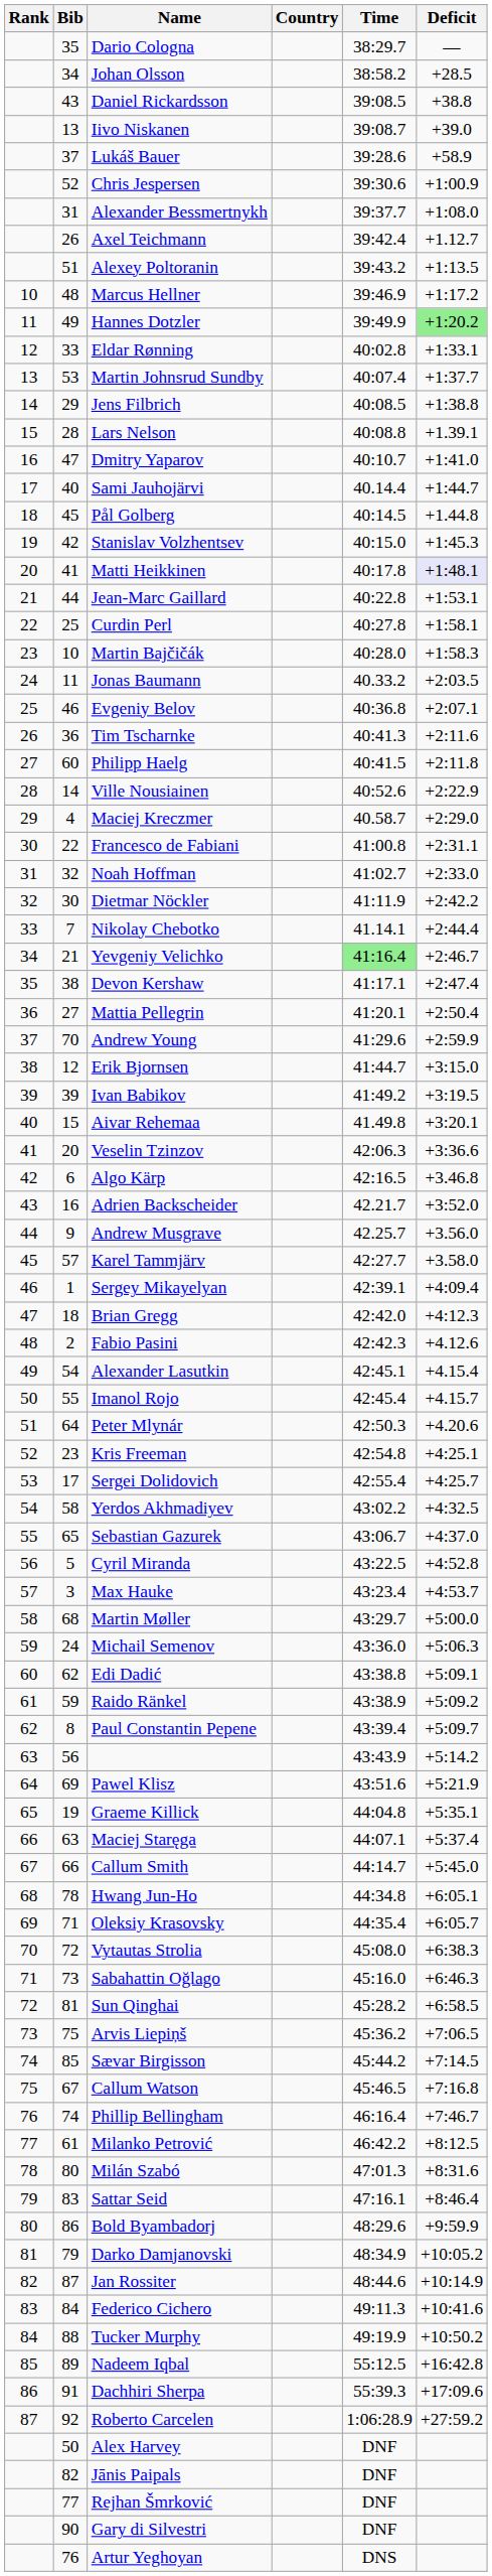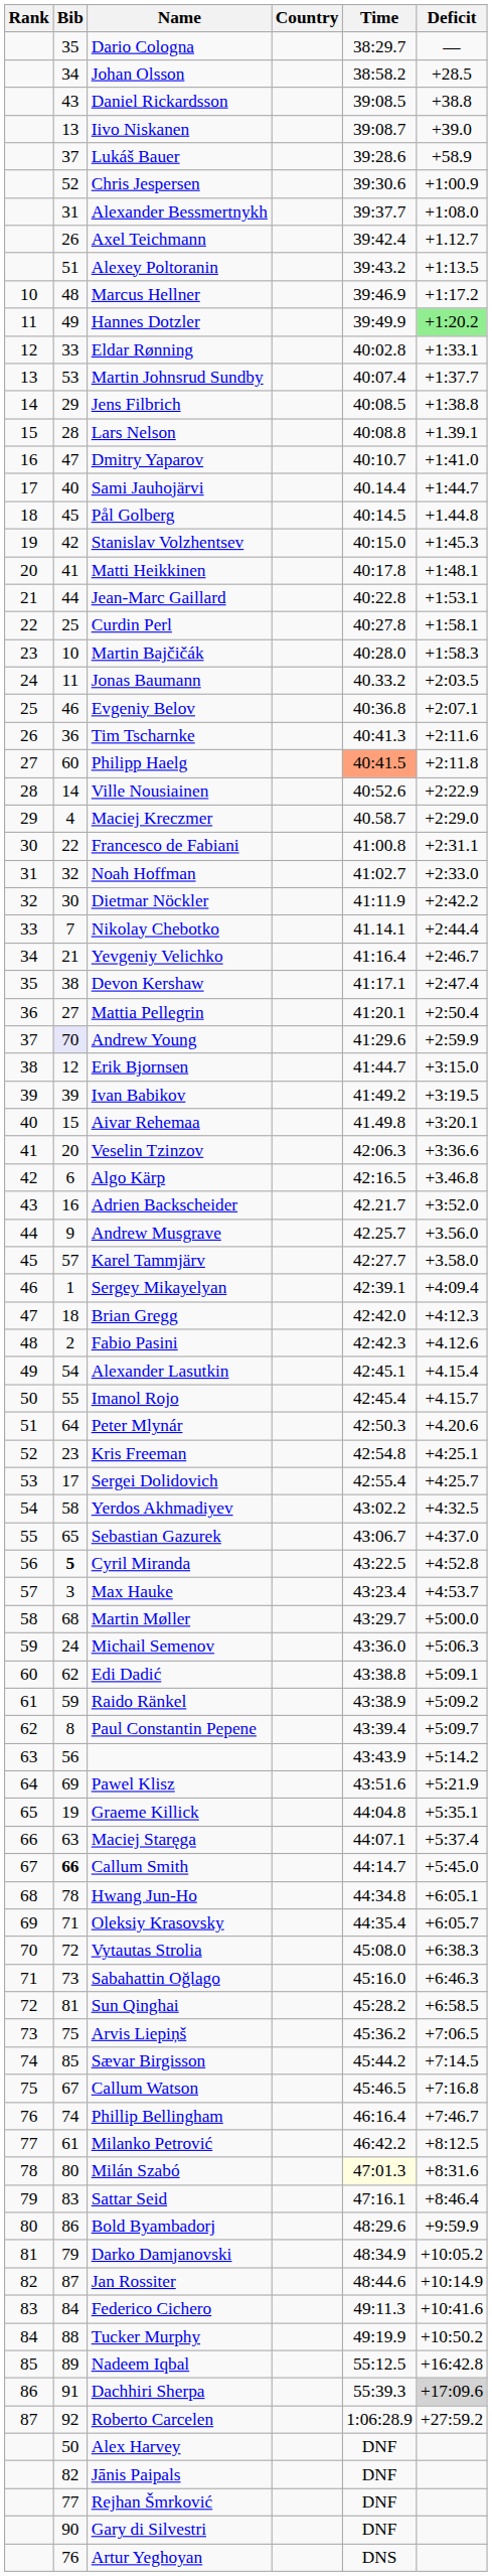 <table class="wikitable sortable" style="text-align:center">
 <tr>
 <th>Rank</th>
 <th>Bib</th>
 <th>Name</th>
 <th>Country</th>
 <th>Time</th>
 <th>Deficit</th>
 </tr>
 <tr>
 <td></td>
 <td>35</td>
 <td align="left"><a href='#'>Dario Cologna</a></td>
 <td align="left"></td>
 <td>38:29.7</td>
 <td>—</td>
 </tr>
 <tr>
 <td></td>
 <td>34</td>
 <td align="left"><a href='#'>Johan Olsson</a></td>
 <td align="left"></td>
 <td>38:58.2</td>
 <td>+28.5</td>
 </tr>
 <tr>
 <td></td>
 <td>43</td>
 <td align="left"><a href='#'>Daniel Rickardsson</a></td>
 <td align="left"></td>
 <td>39:08.5</td>
 <td>+38.8</td>
 </tr>
 <tr>
 <td></td>
 <td>13</td>
 <td align="left"><a href='#'>Iivo Niskanen</a></td>
 <td align="left"></td>
 <td>39:08.7</td>
 <td>+39.0</td>
 </tr>
 <tr>
 <td></td>
 <td>37</td>
 <td align="left"><a href='#'>Lukáš Bauer</a></td>
 <td align="left"></td>
 <td>39:28.6</td>
 <td>+58.9</td>
 </tr>
 <tr>
 <td></td>
 <td>52</td>
 <td align="left"><a href='#'>Chris Jespersen</a></td>
 <td align="left"></td>
 <td>39:30.6</td>
 <td>+1:00.9</td>
 </tr>
 <tr>
 <td></td>
 <td>31</td>
 <td align="left"><a href='#'>Alexander Bessmertnykh</a></td>
 <td align="left"></td>
 <td>39:37.7</td>
 <td>+1:08.0</td>
 </tr>
 <tr>
 <td></td>
 <td>26</td>
 <td align="left"><a href='#'>Axel Teichmann</a></td>
 <td align="left"></td>
 <td>39:42.4</td>
 <td>+1.12.7</td>
 </tr>
 <tr>
 <td></td>
 <td>51</td>
 <td align="left"><a href='#'>Alexey Poltoranin</a></td>
 <td align="left"></td>
 <td>39:43.2</td>
 <td>+1:13.5</td>
 </tr>
 <tr>
 <td>10</td>
 <td>48</td>
 <td align="left"><a href='#'>Marcus Hellner</a></td>
 <td align="left"></td>
 <td>39:46.9</td>
 <td>+1:17.2</td>
 </tr>
 <tr>
 <td>11</td>
 <td>49</td>
 <td align="left"><a href='#'>Hannes Dotzler</a></td>
 <td align="left"></td>
 <td>39:49.9</td>
 <td style="background: lightgreen;">+1:20.2</td>
 </tr>
 <tr>
 <td>12</td>
 <td>33</td>
 <td align="left"><a href='#'>Eldar Rønning</a></td>
 <td align="left"></td>
 <td>40:02.8</td>
 <td>+1:33.1</td>
 </tr>
 <tr>
 <td>13</td>
 <td>53</td>
 <td align="left"><a href='#'>Martin Johnsrud Sundby</a></td>
 <td align="left"></td>
 <td>40:07.4</td>
 <td>+1:37.7</td>
 </tr>
 <tr>
 <td>14</td>
 <td>29</td>
 <td align="left"><a href='#'>Jens Filbrich</a></td>
 <td align="left"></td>
 <td>40:08.5</td>
 <td>+1:38.8</td>
 </tr>
 <tr>
 <td>15</td>
 <td>28</td>
 <td align="left"><a href='#'>Lars Nelson</a></td>
 <td align="left"></td>
 <td>40:08.8</td>
 <td>+1.39.1</td>
 </tr>
 <tr>
 <td>16</td>
 <td>47</td>
 <td align="left"><a href='#'>Dmitry Yaparov</a></td>
 <td align="left"></td>
 <td>40:10.7</td>
 <td>+1:41.0</td>
 </tr>
 <tr>
 <td>17</td>
 <td>40</td>
 <td align="left"><a href='#'>Sami Jauhojärvi</a></td>
 <td align="left"></td>
 <td>40.14.4</td>
 <td>+1:44.7</td>
 </tr>
 <tr>
 <td>18</td>
 <td>45</td>
 <td align="left"><a href='#'>Pål Golberg</a></td>
 <td align="left"></td>
 <td>40:14.5</td>
 <td>+1.44.8</td>
 </tr>
 <tr>
 <td>19</td>
 <td>42</td>
 <td align="left"><a href='#'>Stanislav Volzhentsev</a></td>
 <td align="left"></td>
 <td>40:15.0</td>
 <td>+1:45.3</td>
 </tr>
 <tr>
 <td>20</td>
 <td>41</td>
 <td align="left"><a href='#'>Matti Heikkinen</a></td>
 <td align="left"></td>
 <td>40:17.8</td>
-<td style="background: lavender;">+1:48.1</td>
+<td>+1:48.1</td>
 </tr>
 <tr>
 <td>21</td>
 <td>44</td>
 <td align="left"><a href='#'>Jean-Marc Gaillard</a></td>
 <td align="left"></td>
 <td>40:22.8</td>
 <td>+1:53.1</td>
 </tr>
 <tr>
 <td>22</td>
 <td>25</td>
 <td align="left"><a href='#'>Curdin Perl</a></td>
 <td align="left"></td>
 <td>40:27.8</td>
 <td>+1:58.1</td>
 </tr>
 <tr>
 <td>23</td>
 <td>10</td>
 <td align="left"><a href='#'>Martin Bajčičák</a></td>
 <td align="left"></td>
 <td>40:28.0</td>
 <td>+1:58.3</td>
 </tr>
 <tr>
 <td>24</td>
 <td>11</td>
 <td align="left"><a href='#'>Jonas Baumann</a></td>
 <td align="left"></td>
 <td>40.33.2</td>
 <td>+2:03.5</td>
 </tr>
 <tr>
 <td>25</td>
 <td>46</td>
 <td align="left"><a href='#'>Evgeniy Belov</a></td>
 <td align="left"></td>
 <td>40:36.8</td>
 <td>+2:07.1</td>
 </tr>
 <tr>
 <td>26</td>
 <td>36</td>
 <td align="left"><a href='#'>Tim Tscharnke</a></td>
 <td align="left"></td>
 <td>40:41.3</td>
 <td>+2:11.6</td>
 </tr>
 <tr>
 <td>27</td>
 <td>60</td>
 <td align="left"><a href='#'>Philipp Haelg</a></td>
 <td align="left"></td>
-<td>40:41.5</td>
+<td style="background: lightsalmon;">40:41.5</td>
 <td>+2:11.8</td>
 </tr>
 <tr>
 <td>28</td>
 <td>14</td>
 <td align="left"><a href='#'>Ville Nousiainen</a></td>
 <td align="left"></td>
 <td>40:52.6</td>
 <td>+2:22.9</td>
 </tr>
 <tr>
 <td>29</td>
 <td>4</td>
 <td align="left"><a href='#'>Maciej Kreczmer</a></td>
 <td align="left"></td>
 <td>40.58.7</td>
 <td>+2:29.0</td>
 </tr>
 <tr>
 <td>30</td>
 <td>22</td>
 <td align="left"><a href='#'>Francesco de Fabiani</a></td>
 <td align="left"></td>
 <td>41:00.8</td>
 <td>+2:31.1</td>
 </tr>
 <tr>
 <td>31</td>
 <td>32</td>
 <td align="left"><a href='#'>Noah Hoffman</a></td>
 <td align="left"></td>
 <td>41:02.7</td>
 <td>+2:33.0</td>
 </tr>
 <tr>
 <td>32</td>
 <td>30</td>
 <td align="left"><a href='#'>Dietmar Nöckler</a></td>
 <td align="left"></td>
 <td>41:11.9</td>
 <td>+2:42.2</td>
 </tr>
 <tr>
 <td>33</td>
 <td>7</td>
 <td align="left"><a href='#'>Nikolay Chebotko</a></td>
 <td align="left"></td>
 <td>41.14.1</td>
 <td>+2:44.4</td>
 </tr>
 <tr>
 <td>34</td>
 <td>21</td>
 <td align="left"><a href='#'>Yevgeniy Velichko</a></td>
 <td align="left"></td>
-<td style="background: lightgreen;">41:16.4</td>
+<td>41:16.4</td>
 <td>+2:46.7</td>
 </tr>
 <tr>
 <td>35</td>
 <td>38</td>
 <td align="left"><a href='#'>Devon Kershaw</a></td>
 <td align="left"></td>
 <td>41:17.1</td>
 <td>+2:47.4</td>
 </tr>
 <tr>
 <td>36</td>
 <td>27</td>
 <td align="left"><a href='#'>Mattia Pellegrin</a></td>
 <td align="left"></td>
 <td>41:20.1</td>
 <td>+2:50.4</td>
 </tr>
 <tr>
 <td>37</td>
-<td>70</td>
+<td style="background: lavender;">70</td>
 <td align="left"><a href='#'>Andrew Young</a></td>
 <td align="left"></td>
 <td>41:29.6</td>
 <td>+2:59.9</td>
 </tr>
 <tr>
 <td>38</td>
 <td>12</td>
 <td align="left"><a href='#'>Erik Bjornsen</a></td>
 <td align="left"></td>
 <td>41:44.7</td>
 <td>+3:15.0</td>
 </tr>
 <tr>
 <td>39</td>
 <td>39</td>
 <td align="left"><a href='#'>Ivan Babikov</a></td>
 <td align="left"></td>
 <td>41:49.2</td>
 <td>+3:19.5</td>
 </tr>
 <tr>
 <td>40</td>
 <td>15</td>
 <td align="left"><a href='#'>Aivar Rehemaa</a></td>
 <td align="left"></td>
 <td>41.49.8</td>
 <td>+3:20.1</td>
 </tr>
 <tr>
 <td>41</td>
 <td>20</td>
 <td align="left"><a href='#'>Veselin Tzinzov</a></td>
 <td align="left"></td>
 <td>42:06.3</td>
 <td>+3:36.6</td>
 </tr>
 <tr>
 <td>42</td>
 <td>6</td>
 <td align="left"><a href='#'>Algo Kärp</a></td>
 <td align="left"></td>
 <td>42:16.5</td>
 <td>+3.46.8</td>
 </tr>
 <tr>
 <td>43</td>
 <td>16</td>
 <td align="left"><a href='#'>Adrien Backscheider</a></td>
 <td align="left"></td>
 <td>42.21.7</td>
 <td>+3:52.0</td>
 </tr>
 <tr>
 <td>44</td>
 <td>9</td>
 <td align="left"><a href='#'>Andrew Musgrave</a></td>
 <td align="left"></td>
 <td>42.25.7</td>
 <td>+3.56.0</td>
 </tr>
 <tr>
 <td>45</td>
 <td>57</td>
 <td align="left"><a href='#'>Karel Tammjärv</a></td>
 <td align="left"></td>
 <td>42:27.7</td>
 <td>+3.58.0</td>
 </tr>
 <tr>
 <td>46</td>
 <td>1</td>
 <td align="left"><a href='#'>Sergey Mikayelyan</a></td>
 <td align="left"></td>
 <td>42:39.1</td>
 <td>+4:09.4</td>
 </tr>
 <tr>
 <td>47</td>
 <td>18</td>
 <td align="left"><a href='#'>Brian Gregg</a></td>
 <td align="left"></td>
 <td>42:42.0</td>
 <td>+4:12.3</td>
 </tr>
 <tr>
 <td>48</td>
 <td>2</td>
 <td align="left"><a href='#'>Fabio Pasini</a></td>
 <td align="left"></td>
 <td>42:42.3</td>
 <td>+4.12.6</td>
 </tr>
 <tr>
 <td>49</td>
 <td>54</td>
 <td align="left"><a href='#'>Alexander Lasutkin</a></td>
 <td align="left"></td>
 <td>42:45.1</td>
 <td>+4.15.4</td>
 </tr>
 <tr>
 <td>50</td>
 <td>55</td>
 <td align="left"><a href='#'>Imanol Rojo</a></td>
 <td align="left"></td>
 <td>42:45.4</td>
 <td>+4.15.7</td>
 </tr>
 <tr>
 <td>51</td>
 <td>64</td>
 <td align="left"><a href='#'>Peter Mlynár</a></td>
 <td align="left"></td>
 <td>42:50.3</td>
 <td>+4.20.6</td>
 </tr>
 <tr>
 <td>52</td>
 <td>23</td>
 <td align="left"><a href='#'>Kris Freeman</a></td>
 <td align="left"></td>
 <td>42:54.8</td>
 <td>+4:25.1</td>
 </tr>
 <tr>
 <td>53</td>
 <td>17</td>
 <td align="left"><a href='#'>Sergei Dolidovich</a></td>
 <td align="left"></td>
 <td>42:55.4</td>
 <td>+4:25.7</td>
 </tr>
 <tr>
 <td>54</td>
 <td>58</td>
 <td align="left"><a href='#'>Yerdos Akhmadiyev</a></td>
 <td align="left"></td>
 <td>43:02.2</td>
 <td>+4:32.5</td>
 </tr>
 <tr>
 <td>55</td>
 <td>65</td>
 <td align="left"><a href='#'>Sebastian Gazurek</a></td>
 <td align="left"></td>
 <td>43:06.7</td>
 <td>+4:37.0</td>
 </tr>
 <tr>
 <td>56</td>
-<td>5</td>
+<td><strong>5</strong></td>
 <td align="left"><a href='#'>Cyril Miranda</a></td>
 <td align="left"></td>
 <td>43:22.5</td>
 <td>+4:52.8</td>
 </tr>
 <tr>
 <td>57</td>
 <td>3</td>
 <td align="left"><a href='#'>Max Hauke</a></td>
 <td align="left"></td>
 <td>43:23.4</td>
 <td>+4:53.7</td>
 </tr>
 <tr>
 <td>58</td>
 <td>68</td>
 <td align="left"><a href='#'>Martin Møller</a></td>
 <td align="left"></td>
 <td>43:29.7</td>
 <td>+5:00.0</td>
 </tr>
 <tr>
 <td>59</td>
 <td>24</td>
 <td align="left"><a href='#'>Michail Semenov</a></td>
 <td align="left"></td>
 <td>43:36.0</td>
 <td>+5:06.3</td>
 </tr>
 <tr>
 <td>60</td>
 <td>62</td>
 <td align="left"><a href='#'>Edi Dadić</a></td>
 <td align="left"></td>
 <td>43:38.8</td>
 <td>+5:09.1</td>
 </tr>
 <tr>
 <td>61</td>
 <td>59</td>
 <td align="left"><a href='#'>Raido Ränkel</a></td>
 <td align="left"></td>
 <td>43:38.9</td>
 <td>+5:09.2</td>
 </tr>
 <tr>
 <td>62</td>
 <td>8</td>
 <td align="left"><a href='#'>Paul Constantin Pepene</a></td>
 <td align="left"></td>
 <td>43:39.4</td>
 <td>+5:09.7</td>
 </tr>
 <tr>
 <td>63</td>
 <td>56</td>
 <td align="left"></td>
 <td align="left"></td>
 <td>43:43.9</td>
 <td>+5:14.2</td>
 </tr>
 <tr>
 <td>64</td>
 <td>69</td>
 <td align="left"><a href='#'>Pawel Klisz</a></td>
 <td align="left"></td>
 <td>43:51.6</td>
 <td>+5:21.9</td>
 </tr>
 <tr>
 <td>65</td>
 <td>19</td>
 <td align="left"><a href='#'>Graeme Killick</a></td>
 <td align="left"></td>
 <td>44:04.8</td>
 <td>+5:35.1</td>
 </tr>
 <tr>
 <td>66</td>
 <td>63</td>
 <td align="left"><a href='#'>Maciej Staręga</a></td>
 <td align="left"></td>
 <td>44:07.1</td>
 <td>+5:37.4</td>
 </tr>
 <tr>
 <td>67</td>
-<td>66</td>
+<td><strong>66</strong></td>
 <td align="left"><a href='#'>Callum Smith</a></td>
 <td align="left"></td>
 <td>44:14.7</td>
 <td>+5:45.0</td>
 </tr>
 <tr>
 <td>68</td>
 <td>78</td>
 <td align="left"><a href='#'>Hwang Jun-Ho</a></td>
 <td align="left"></td>
 <td>44:34.8</td>
 <td>+6:05.1</td>
 </tr>
 <tr>
 <td>69</td>
 <td>71</td>
 <td align="left"><a href='#'>Oleksiy Krasovsky</a></td>
 <td align="left"></td>
 <td>44:35.4</td>
 <td>+6:05.7</td>
 </tr>
 <tr>
 <td>70</td>
 <td>72</td>
 <td align="left"><a href='#'>Vytautas Strolia</a></td>
 <td align="left"></td>
 <td>45:08.0</td>
 <td>+6:38.3</td>
 </tr>
 <tr>
 <td>71</td>
 <td>73</td>
 <td align="left"><a href='#'>Sabahattin Oğlago</a></td>
 <td align="left"></td>
 <td>45:16.0</td>
 <td>+6:46.3</td>
 </tr>
 <tr>
 <td>72</td>
 <td>81</td>
 <td align="left"><a href='#'>Sun Qinghai</a></td>
 <td align="left"></td>
 <td>45:28.2</td>
 <td>+6:58.5</td>
 </tr>
 <tr>
 <td>73</td>
 <td>75</td>
 <td align="left"><a href='#'>Arvis Liepiņš</a></td>
 <td align="left"></td>
 <td>45:36.2</td>
 <td>+7:06.5</td>
 </tr>
 <tr>
 <td>74</td>
 <td>85</td>
 <td align="left"><a href='#'>Sævar Birgisson</a></td>
 <td align="left"></td>
 <td>45:44.2</td>
 <td>+7:14.5</td>
 </tr>
 <tr>
 <td>75</td>
 <td>67</td>
 <td align="left"><a href='#'>Callum Watson</a></td>
 <td align="left"></td>
 <td>45:46.5</td>
 <td>+7:16.8</td>
 </tr>
 <tr>
 <td>76</td>
 <td>74</td>
 <td align="left"><a href='#'>Phillip Bellingham</a></td>
 <td align="left"></td>
 <td>46:16.4</td>
 <td>+7:46.7</td>
 </tr>
 <tr>
 <td>77</td>
 <td>61</td>
 <td align="left"><a href='#'>Milanko Petrović</a></td>
 <td align="left"></td>
 <td>46:42.2</td>
 <td>+8:12.5</td>
 </tr>
 <tr>
 <td>78</td>
 <td>80</td>
 <td align="left"><a href='#'>Milán Szabó</a></td>
 <td align="left"></td>
-<td>47:01.3</td>
+<td style="background: lightyellow;">47:01.3</td>
 <td>+8:31.6</td>
 </tr>
 <tr>
 <td>79</td>
 <td>83</td>
 <td align="left"><a href='#'>Sattar Seid</a></td>
 <td align="left"></td>
 <td>47:16.1</td>
 <td>+8:46.4</td>
 </tr>
 <tr>
 <td>80</td>
 <td>86</td>
 <td align="left"><a href='#'>Bold Byambadorj</a></td>
 <td align="left"></td>
 <td>48:29.6</td>
 <td>+9:59.9</td>
 </tr>
 <tr>
 <td>81</td>
 <td>79</td>
 <td align="left"><a href='#'>Darko Damjanovski</a></td>
 <td align="left"></td>
 <td>48:34.9</td>
 <td>+10:05.2</td>
 </tr>
 <tr>
 <td>82</td>
 <td>87</td>
 <td align="left"><a href='#'>Jan Rossiter</a></td>
 <td align="left"></td>
 <td>48:44.6</td>
 <td>+10:14.9</td>
 </tr>
 <tr>
 <td>83</td>
 <td>84</td>
 <td align="left"><a href='#'>Federico Cichero</a></td>
 <td align="left"></td>
 <td>49:11.3</td>
 <td>+10:41.6</td>
 </tr>
 <tr>
 <td>84</td>
 <td>88</td>
 <td align="left"><a href='#'>Tucker Murphy</a></td>
 <td align="left"></td>
 <td>49:19.9</td>
 <td>+10:50.2</td>
 </tr>
 <tr>
 <td>85</td>
 <td>89</td>
 <td align="left"><a href='#'>Nadeem Iqbal</a></td>
 <td align="left"></td>
 <td>55:12.5</td>
 <td>+16:42.8</td>
 </tr>
 <tr>
 <td>86</td>
 <td>91</td>
 <td align="left"><a href='#'>Dachhiri Sherpa</a></td>
 <td align="left"></td>
 <td>55:39.3</td>
-<td>+17:09.6</td>
+<td style="background: lightgrey;">+17:09.6</td>
 </tr>
 <tr>
 <td>87</td>
 <td>92</td>
 <td align="left"><a href='#'>Roberto Carcelen</a></td>
 <td align="left"></td>
 <td>1:06:28.9</td>
 <td>+27:59.2</td>
 </tr>
 <tr>
 <td></td>
 <td>50</td>
 <td align="left"><a href='#'>Alex Harvey</a></td>
 <td align="left"></td>
 <td>DNF</td>
 <td></td>
 </tr>
 <tr>
 <td></td>
 <td>82</td>
 <td align="left"><a href='#'>Jānis Paipals</a></td>
 <td align="left"></td>
 <td>DNF</td>
 <td></td>
 </tr>
 <tr>
 <td></td>
 <td>77</td>
 <td align="left"><a href='#'>Rejhan Šmrković</a></td>
 <td align="left"></td>
 <td>DNF</td>
 <td></td>
 </tr>
 <tr>
 <td></td>
 <td>90</td>
 <td align="left"><a href='#'>Gary di Silvestri</a></td>
 <td align="left"></td>
 <td>DNF</td>
 <td></td>
 </tr>
 <tr>
 <td></td>
 <td>76</td>
 <td align="left"><a href='#'>Artur Yeghoyan</a></td>
 <td align="left"></td>
 <td>DNS</td>
 <td></td>
 </tr>
 </table>
